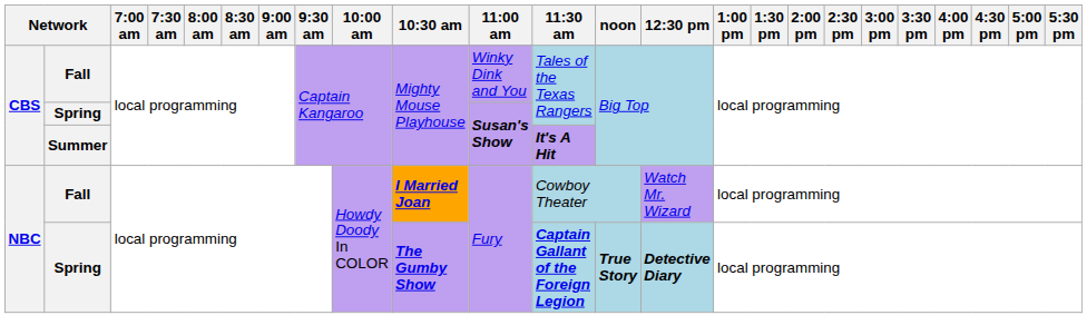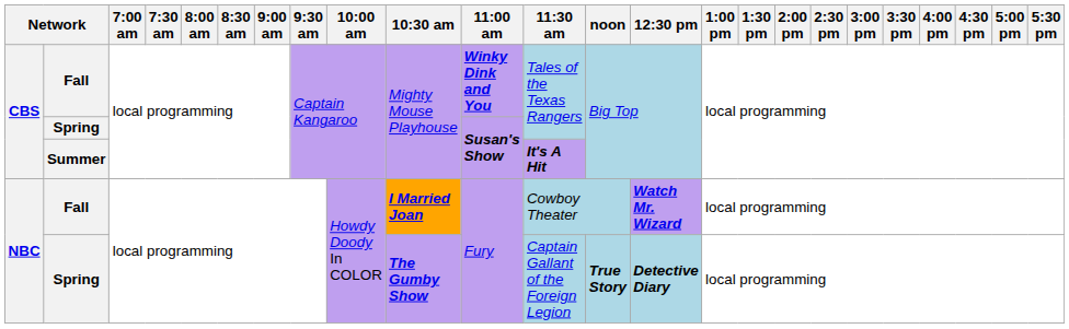 <table class=wikitable style="font-size:90%">
 <tr>
 <th width="1.5%" bgcolor="#C0C0C0" colspan="2">Network</th>
 <th width="13%" bgcolor="#C0C0C0">7:00 am</th>
 <th width="14%" bgcolor="#C0C0C0">7:30 am</th>
 <th width="13%" bgcolor="#C0C0C0">8:00 am</th>
 <th width="14%" bgcolor="#C0C0C0">8:30 am</th>
 <th width="13%" bgcolor="#C0C0C0">9:00 am</th>
 <th width="14%" bgcolor="#C0C0C0">9:30 am</th>
 <th width="13%" bgcolor="#C0C0C0">10:00 am</th>
 <th width="14%" bgcolor="#C0C0C0">10:30 am</th>
 <th width="13%" bgcolor="#C0C0C0">11:00 am</th>
 <th width="14%" bgcolor="#C0C0C0">11:30 am</th>
 <th width="13%" bgcolor="#C0C0C0">noon</th>
 <th width="14%" bgcolor="#C0C0C0">12:30 pm</th>
 <th width="13%" bgcolor="#C0C0C0">1:00 pm</th>
 <th width="14%" bgcolor="#C0C0C0">1:30 pm</th>
 <th width="13%" bgcolor="#C0C0C0">2:00 pm</th>
 <th width="14%" bgcolor="#C0C0C0">2:30 pm</th>
 <th width="13%" bgcolor="#C0C0C0">3:00 pm</th>
 <th width="14%" bgcolor="#C0C0C0">3:30 pm</th>
 <th width="13%" bgcolor="#C0C0C0">4:00 pm</th>
 <th width="14%" bgcolor="#C0C0C0">4:30 pm</th>
 <th width="13%" bgcolor="#C0C0C0">5:00 pm</th>
 <th width="14%" bgcolor="#C0C0C0">5:30 pm</th>
 </tr>
 <tr>
 <th bgcolor="#C0C0C0" rowspan=3><a href='#'>CBS</a></th>
 <th bgcolor=#C0C0C0>Fall</th>
 <td bgcolor="white" colspan="5" rowspan=3>local programming</td>
 <td bgcolor="bf9fef" colspan="2" rowspan=3><em><a href='#'>Captain Kangaroo</a></em></td>
 <td bgcolor="bf9fef" colspan="1" rowspan=3><em><a href='#'>Mighty Mouse Playhouse</a></em></td>
-<td bgcolor="bf9fef" colspan="1"><em><a href='#'>Winky Dink and You</a></em></td>
+<td bgcolor="bf9fef" colspan="1"><strong><em><a href='#'>Winky Dink and You</a></em></strong></td>
 <td bgcolor="lightblue" colspan="1" rowspan=2><em><a href='#'>Tales of the Texas Rangers</a></em></td>
 <td bgcolor="lightblue" colspan="2" rowspan=3><em><a href='#'>Big Top</a></em></td>
 <td bgcolor="white" colspan="10" rowspan=3>local programming</td>
 </tr>
 <tr>
 <th bgcolor=#C0C0C0>Spring</th>
 <td bgcolor="bf9fef" colspan="1" rowspan=2><strong><em>Susan's Show</em></strong></td>
 </tr>
 <tr>
 <th bgcolor=#C0C0C0>Summer</th>
 <td bgcolor="bf9fef" colspan="1"><strong><em>It's A Hit</em></strong></td>
 </tr>
 <tr>
 <th bgcolor="#C0C0C0" rowspan=2><a href='#'>NBC</a></th>
 <th bgcolor=#C0C0C0>Fall</th>
 <td bgcolor="white" colspan="6" rowspan=2>local programming</td>
 <td bgcolor="bf9fef" rowspan=2><em><a href='#'>Howdy Doody</a></em> In <span>C</span><span>O</span><span>L</span><span>O</span><span>R</span></td>
 <td bgcolor="orange"><strong><em><a href='#'>I Married Joan</a></em> </strong></td>
 <td bgcolor="bf9fef" rowspan=2><em><a href='#'>Fury</a></em></td>
 <td bgcolor="lightblue" colspan="2"><em>Cowboy Theater</em></td>
-<td bgcolor="bf9fef"><em><a href='#'>Watch Mr. Wizard</a></em></td>
+<td bgcolor="bf9fef"><strong><em><a href='#'>Watch Mr. Wizard</a></em></strong></td>
 <td bgcolor="white" colspan="10">local programming</td>
 </tr>
 <tr>
 <th bgcolor=#C0C0C0>Spring</th>
 <td bgcolor="bf9fef" colspan="1"><strong><em><a href='#'>The Gumby Show</a></em></strong></td>
-<td bgcolor="lightblue"><strong><em><a href='#'>Captain Gallant of the Foreign Legion</a></em></strong></td>
+<td bgcolor="lightblue"><em><a href='#'>Captain Gallant of the Foreign Legion</a></em></td>
 <td bgcolor="lightblue"><strong><em>True Story</em></strong></td>
 <td bgcolor="lightblue"><strong><em>Detective Diary</em></strong></td>
 <td bgcolor="white" colspan="12">local programming</td>
 </tr>
 </table>
